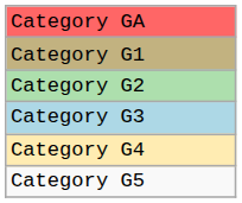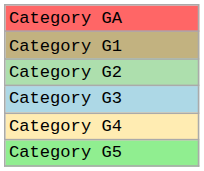 <table class="wikitable" style="font-size:85%;" width=10%>
 <tr bgcolor=#FF6666>
 <td>Category GA</td>
 </tr>
 <tr bgcolor=#C2B280>
 <td>Category G1</td>
 </tr>
 <tr bgcolor="#ADDFAD">
 <td>Category G2</td>
 </tr>
 <tr bgcolor="lightblue">
 <td>Category G3</td>
 </tr>
 <tr bgcolor=#ffecb2>
 <td>Category G4</td>
 </tr>
 <tr>
-<td>Category G5</td>
+<td style="background: lightgreen;">Category G5</td>
 </tr>
 </table>
